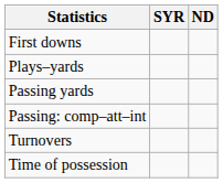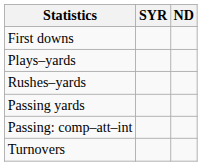 <table class="wikitable" style="float:left">
 <tr>
 <th>Statistics</th>
 <th>SYR</th>
 <th>ND</th>
 </tr>
 <tr>
 <td>First downs</td>
 <td></td>
 <td></td>
 </tr>
 <tr>
 <td>Plays–yards</td>
+<td></td>
+<td></td>
+</tr>
+<tr>
+<td>Rushes–yards</td>
 <td></td>
 <td></td>
 </tr>
 <tr>
 <td>Passing yards</td>
 <td></td>
 <td></td>
 </tr>
 <tr>
 <td>Passing: comp–att–int</td>
 <td></td>
 <td></td>
 </tr>
 <tr>
 <td>Turnovers</td>
 <td></td>
 <td></td>
 </tr>
-<tr>
-<td>Time of possession</td>
-<td></td>
-<td></td>
-</tr>
 </table>
